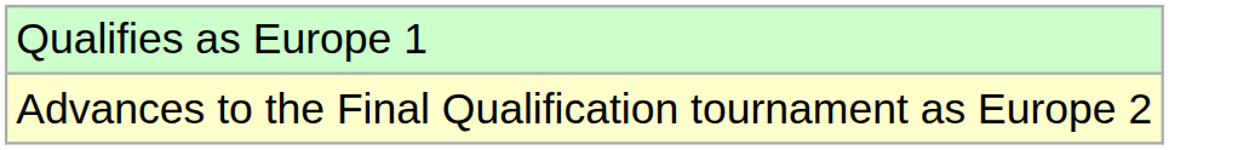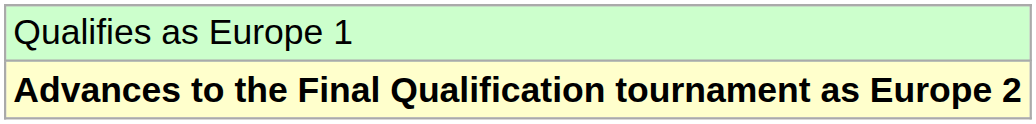 <table class="wikitable">
 <tr>
 </tr>
 <tr width=10px bgcolor=ccffcc>
 <td>Qualifies as Europe 1</td>
 </tr>
 <tr width=10px bgcolor=ffffcc>
-<td>Advances to the Final Qualification tournament as Europe 2</td>
+<td><strong>Advances to the Final Qualification tournament as Europe 2</strong></td>
 </tr>
 </table>
